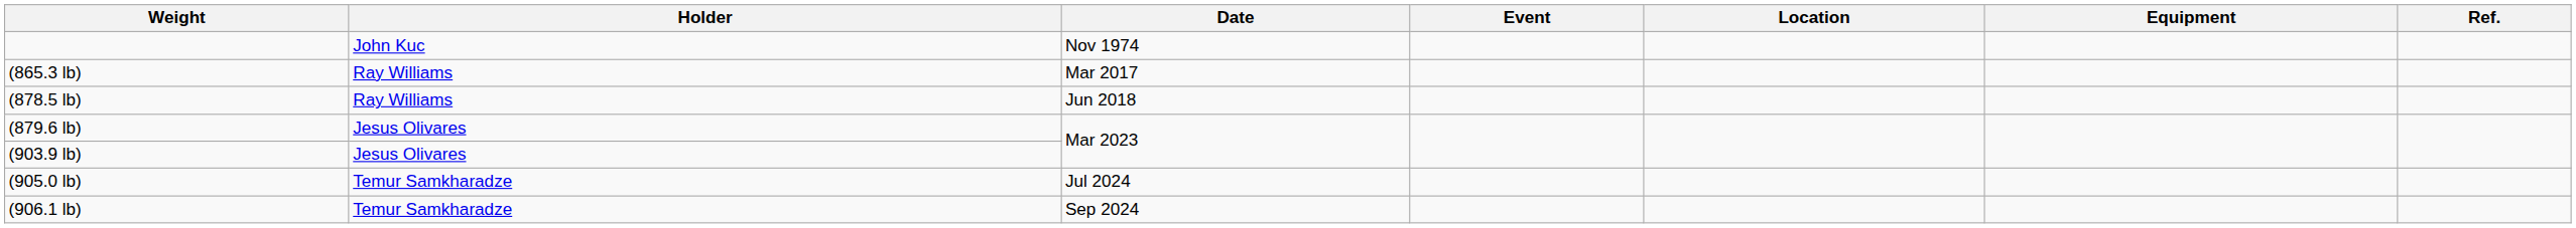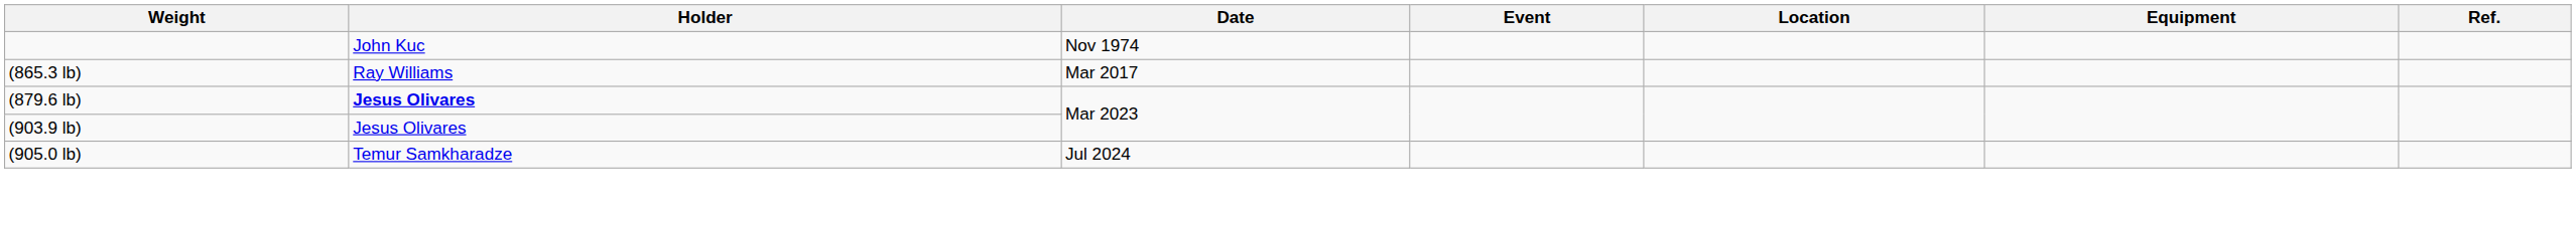 <table class="wikitable sortable" style="display: inline-table;width: 120%;">
 <tr>
 <th scope="col">Weight</th>
 <th scope="col">Holder</th>
 <th scope="col" class="unsortable">Date</th>
 <th scope="col" class="unsortable">Event</th>
 <th scope="col">Location</th>
 <th scope="col" class="unsortable">Equipment</th>
 <th scope="col" class="unsortable">Ref.</th>
 </tr>
 <tr>
 <td></td>
 <td> <a href='#'>John Kuc</a></td>
 <td>Nov 1974</td>
 <td></td>
 <td></td>
 <td></td>
 <td></td>
 </tr>
 <tr>
 <td> (865.3 lb)</td>
 <td> <a href='#'>Ray Williams</a></td>
 <td>Mar 2017</td>
 <td></td>
 <td></td>
 <td></td>
 <td></td>
 </tr>
 <tr>
-<td> (878.5 lb)</td>
-<td> <a href='#'>Ray Williams</a></td>
-<td>Jun 2018</td>
-<td></td>
-<td></td>
-<td></td>
-<td></td>
-</tr>
-<tr>
 <td> (879.6 lb)</td>
-<td> <a href='#'>Jesus Olivares</a></td>
+<td><strong> <a href='#'>Jesus Olivares</a></strong></td>
 <td rowspan="2">Mar 2023</td>
 <td rowspan="2"></td>
 <td rowspan="2"></td>
 <td rowspan="2"></td>
 <td rowspan="2"></td>
 </tr>
 <tr>
 <td> (903.9 lb)</td>
 <td> <a href='#'>Jesus Olivares</a></td>
 </tr>
 <tr>
 <td> (905.0 lb)</td>
 <td> <a href='#'>Temur Samkharadze</a></td>
 <td>Jul 2024</td>
 <td></td>
 <td></td>
 <td></td>
 <td></td>
 </tr>
-<tr>
-<td> (906.1 lb)</td>
-<td> <a href='#'>Temur Samkharadze</a></td>
-<td>Sep 2024</td>
-<td></td>
-<td></td>
-<td></td>
-<td></td>
-</tr>
 </table>
